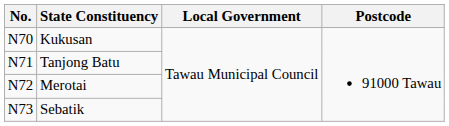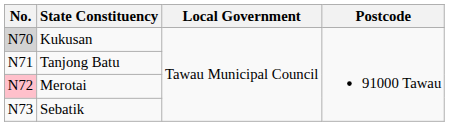 <table class="wikitable">
 <tr>
 <th>No.</th>
 <th>State Constituency</th>
 <th>Local Government</th>
 <th>Postcode</th>
 </tr>
 <tr>
-<td>N70</td>
+<td style="background: lightgrey;">N70</td>
 <td>Kukusan</td>
 <td rowspan="4">Tawau Municipal Council</td>
 <td rowspan="4"><br><ul><li>91000 Tawau</li></ul></td>
 </tr>
 <tr>
 <td>N71</td>
 <td>Tanjong Batu</td>
 </tr>
 <tr>
-<td>N72</td>
+<td style="background: pink;">N72</td>
 <td>Merotai</td>
 </tr>
 <tr>
 <td>N73</td>
 <td>Sebatik</td>
 </tr>
 </table>
